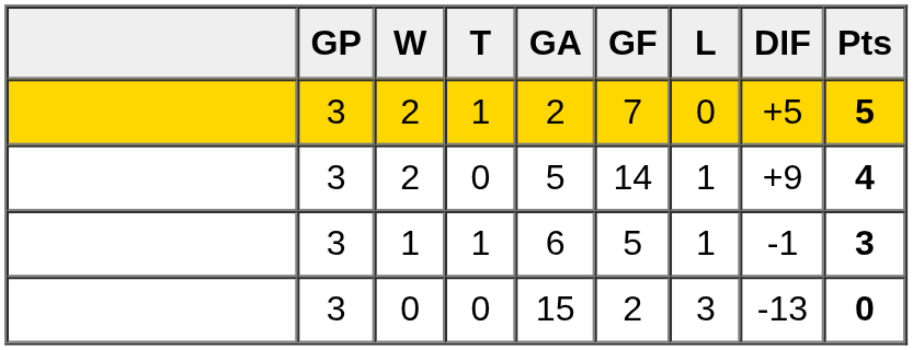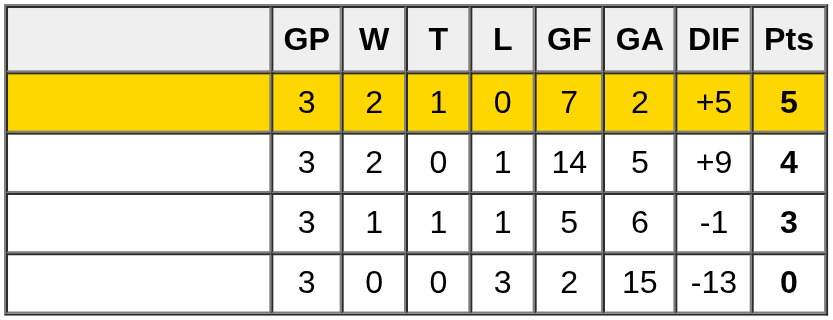 <table border=1 cellpadding=5 cellspacing=0>
 <tr>
 <th bgcolor="#efefef" width="120">　</th>
 <th bgcolor="#efefef" width="20">GP</th>
 <th bgcolor="#efefef" width="20">W</th>
 <th bgcolor="#efefef" width="20">T</th>
+<th bgcolor="#efefef" width="20">L</th>
+<th bgcolor="#efefef" width="20">GF</th>
 <th bgcolor="#efefef" width="20">GA</th>
-<th bgcolor="#efefef" width="20">GF</th>
-<th bgcolor="#efefef" width="20">L</th>
 <th bgcolor="#efefef" width="20">DIF</th>
 <th bgcolor="#efefef" width="20">Pts</th>
 </tr>
 <tr align=center bgcolor= gold>
 <td align=left><strong></strong></td>
 <td>3</td>
 <td>2</td>
 <td>1</td>
+<td>0</td>
+<td>7</td>
 <td>2</td>
-<td>7</td>
-<td>0</td>
 <td>+5</td>
 <td><strong>5</strong></td>
 </tr>
 <tr align=center>
 <td align=left></td>
 <td>3</td>
 <td>2</td>
 <td>0</td>
+<td>1</td>
+<td>14</td>
 <td>5</td>
-<td>14</td>
-<td>1</td>
 <td>+9</td>
 <td><strong>4</strong></td>
 </tr>
 <tr align=center>
 <td align=left></td>
 <td>3</td>
 <td>1</td>
 <td>1</td>
+<td>1</td>
+<td>5</td>
 <td>6</td>
-<td>5</td>
-<td>1</td>
 <td>-1</td>
 <td><strong>3</strong></td>
 </tr>
 <tr align=center>
 <td align=left></td>
 <td>3</td>
 <td>0</td>
 <td>0</td>
+<td>3</td>
+<td>2</td>
 <td>15</td>
-<td>2</td>
-<td>3</td>
 <td>-13</td>
 <td><strong>0</strong></td>
 </tr>
 </table>
